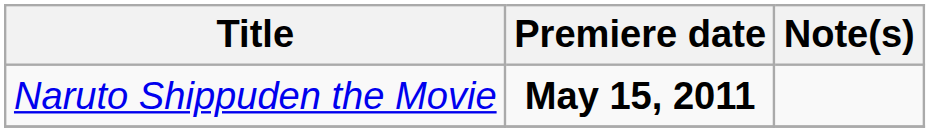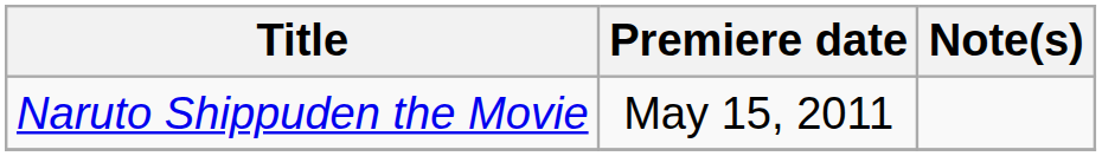 <table class="wikitable plainrowheaders sortable" style="text-align:center;">
 <tr>
 <th scope="col">Title</th>
 <th scope="col">Premiere date</th>
 <th class="unsortable">Note(s)</th>
 </tr>
 <tr>
 <td scope="row" style="text-align:left;"><em><a href='#'>Naruto Shippuden the Movie</a></em></td>
-<td><strong>May 15, 2011</strong></td>
+<td>May 15, 2011</td>
 <td></td>
 </tr>
 <tr>
 </tr>
 </table>
